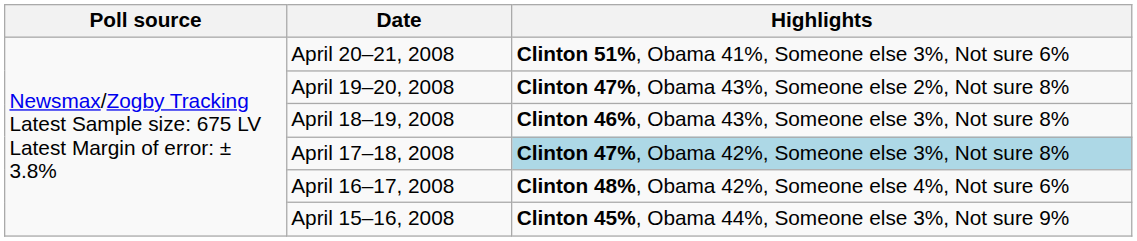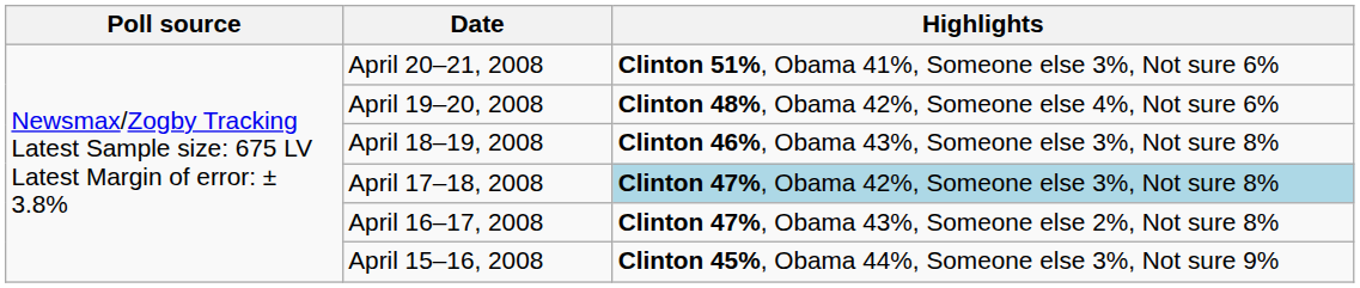 <table class="wikitable sortable">
 <tr>
 <th width="25%">Poll source</th>
 <th width="20%">Date</th>
 <th width="55%">Highlights</th>
 </tr>
 <tr>
 <td rowspan=6><a href='#'>Newsmax</a>/<a href='#'>Zogby Tracking</a><br>Latest Sample size: 675 LV<br> Latest Margin of error: ± 3.8%</td>
 <td>April 20–21, 2008</td>
 <td><strong>Clinton 51%</strong>, Obama 41%, Someone else 3%, Not sure 6%</td>
 </tr>
 <tr>
 <td>April 19–20, 2008</td>
-<td><strong>Clinton 47%</strong>, Obama 43%, Someone else 2%, Not sure 8%</td>
+<td><strong>Clinton 48%</strong>, Obama 42%, Someone else 4%, Not sure 6%</td>
 </tr>
 <tr>
 <td>April 18–19, 2008</td>
 <td><strong>Clinton 46%</strong>, Obama 43%, Someone else 3%, Not sure 8%</td>
 </tr>
 <tr>
 <td>April 17–18, 2008</td>
 <td style="background: lightblue;"><strong>Clinton 47%</strong>, Obama 42%, Someone else 3%, Not sure 8%</td>
 </tr>
 <tr>
 <td>April 16–17, 2008</td>
-<td><strong>Clinton 48%</strong>, Obama 42%, Someone else 4%, Not sure 6%</td>
+<td><strong>Clinton 47%</strong>, Obama 43%, Someone else 2%, Not sure 8%</td>
 </tr>
 <tr>
 <td>April 15–16, 2008</td>
 <td><strong>Clinton 45%</strong>, Obama 44%, Someone else 3%, Not sure 9%</td>
 </tr>
 </table>
